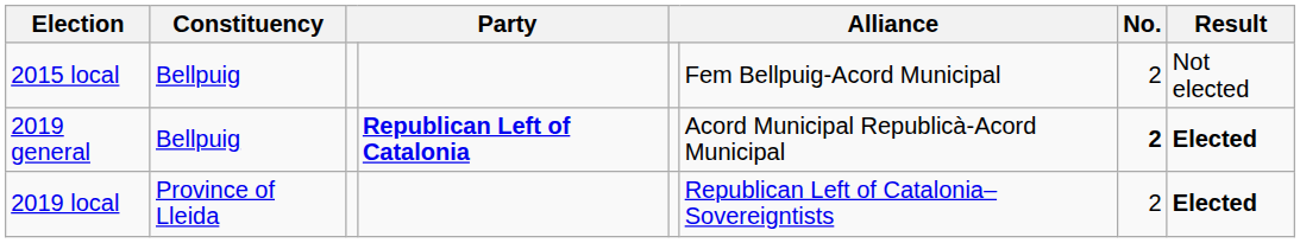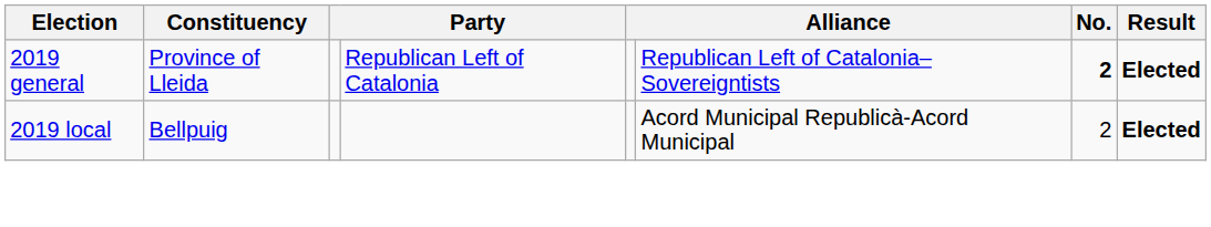 <table class="wikitable" style="text-align:left;">
 <tr>
 <th scope=col>Election</th>
 <th scope=col>Constituency</th>
 <th scope=col colspan="2">Party</th>
 <th scope=col colspan="2">Alliance</th>
 <th scope=col>No.</th>
 <th scope=col>Result</th>
 </tr>
 <tr>
-<td><a href='#'>2015 local</a></td>
-<td><a href='#'>Bellpuig</a></td>
-<td></td>
-<td></td>
-<td></td>
-<td>Fem Bellpuig-Acord Municipal</td>
-<td align=right>2</td>
-<td>Not elected</td>
-</tr>
-<tr>
 <td><a href='#'>2019 general</a></td>
-<td><a href='#'>Bellpuig</a></td>
+<td><a href='#'>Province of Lleida</a></td>
 <td style="background:"></td>
-<td><strong><a href='#'>Republican Left of Catalonia</a></strong></td>
+<td><a href='#'>Republican Left of Catalonia</a></td>
 <td style="background:"></td>
-<td>Acord Municipal Republicà-Acord Municipal</td>
+<td><a href='#'>Republican Left of Catalonia–Sovereigntists</a></td>
 <td align=right><strong>2</strong></td>
 <td><strong>Elected</strong></td>
 </tr>
 <tr>
 <td><a href='#'>2019 local</a></td>
-<td><a href='#'>Province of Lleida</a></td>
+<td><a href='#'>Bellpuig</a></td>
 <td></td>
 <td></td>
 <td></td>
-<td><a href='#'>Republican Left of Catalonia–Sovereigntists</a></td>
+<td>Acord Municipal Republicà-Acord Municipal</td>
 <td align=right>2</td>
 <td><strong>Elected</strong></td>
 </tr>
 </table>
